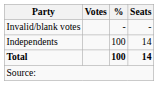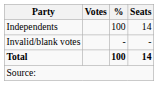 <table class=wikitable style=text-align:right>
 <tr>
 <th>Party</th>
 <th>Votes</th>
 <th>%</th>
 <th>Seats</th>
 </tr>
 <tr>
+<td align=left>Independents</td>
+<td></td>
+<td>100</td>
+<td>14</td>
+</tr>
+<tr>
 <td align=left>Invalid/blank votes</td>
 <td></td>
 <td>-</td>
 <td>-</td>
-</tr>
-<tr>
-<td align=left>Independents</td>
-<td></td>
-<td>100</td>
-<td>14</td>
 </tr>
 <tr>
 <td align=left><strong>Total</strong></td>
 <td><strong> </strong></td>
 <td><strong>100</strong></td>
 <td><strong>14</strong></td>
 </tr>
 <tr>
 <td colspan=4 align=left>Source: </td>
 </tr>
 </table>
